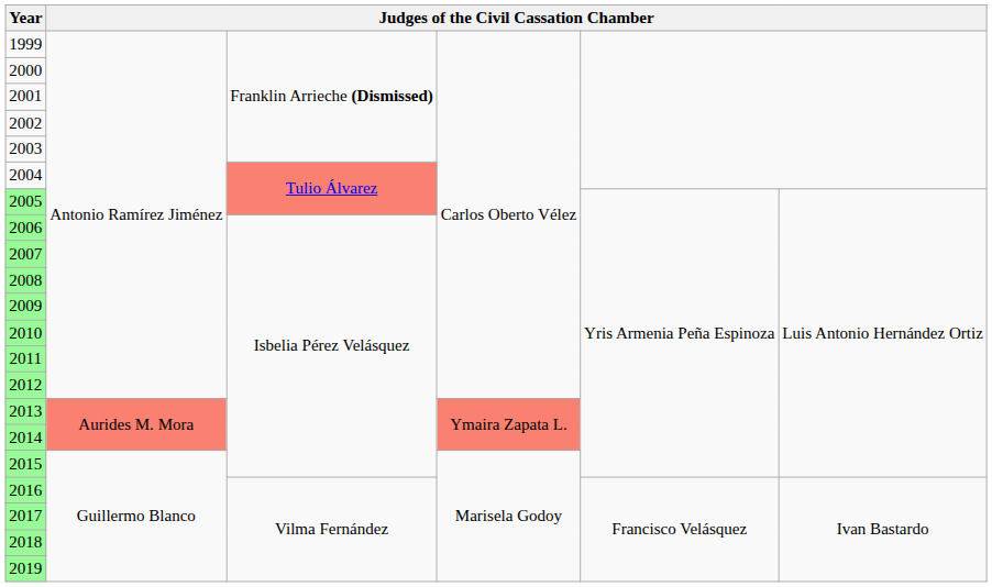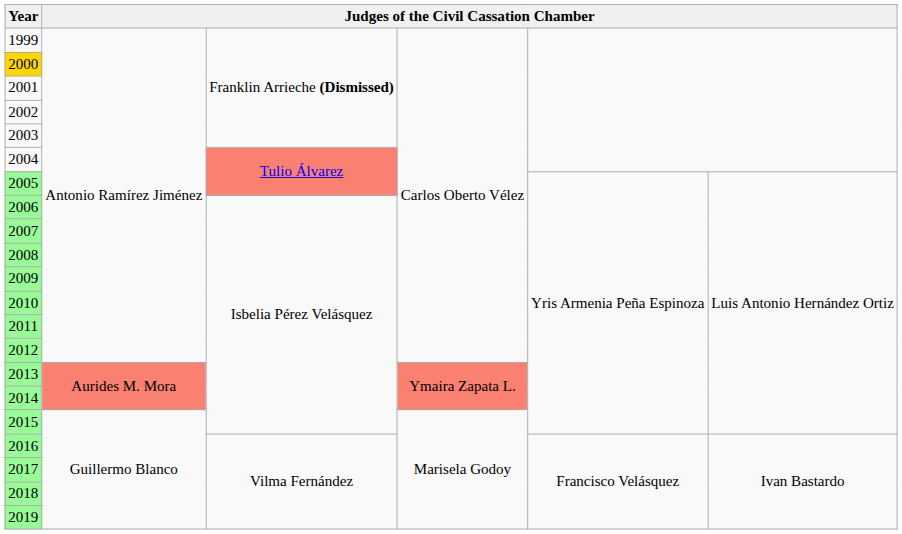 <table class="wikitable" style="margin:1em auto; text-align:center">
 <tr style="text-align:center; background:#f0f0f0;">
 <td><strong>Year</strong></td>
 <td colspan="5"><strong>Judges of the Civil Cassation Chamber</strong></td>
 </tr>
 <tr>
 <td>1999</td>
 <td rowspan="14">Antonio Ramírez Jiménez</td>
 <td rowspan="5">Franklin Arrieche <strong>(Dismissed)</strong></td>
 <td rowspan="14">Carlos Oberto Vélez</td>
 <td colspan="2" rowspan="6"></td>
 </tr>
 <tr>
-<td>2000</td>
+<td style="background: gold;">2000</td>
 </tr>
 <tr>
 <td>2001</td>
 </tr>
 <tr>
 <td>2002</td>
 </tr>
 <tr>
 <td>2003</td>
 </tr>
 <tr>
 <td>2004</td>
 <td style="background:salmon;" rowspan="2"><a href='#'>Tulio Álvarez</a></td>
 </tr>
 <tr>
 <td style="background:#98fb98; text-align:center;">2005</td>
 <td rowspan="11">Yris Armenia Peña Espinoza</td>
 <td rowspan="11">Luis Antonio Hernández Ortiz</td>
 </tr>
 <tr>
 <td style="background:#98fb98; text-align:center;">2006</td>
 <td rowspan="10">Isbelia Pérez Velásquez</td>
 </tr>
 <tr>
 <td style="background:#98fb98; text-align:center;">2007</td>
 </tr>
 <tr>
 <td style="background:#98fb98; text-align:center;">2008</td>
 </tr>
 <tr>
 <td style="background:#98fb98; text-align:center;">2009</td>
 </tr>
 <tr>
 <td style="background:#98fb98; text-align:center;">2010</td>
 </tr>
 <tr>
 <td style="background:#98fb98; text-align:center;">2011</td>
 </tr>
 <tr>
 <td style="background:#98fb98; text-align:center;">2012</td>
 </tr>
 <tr>
 <td style="background:#98fb98; text-align:center;">2013</td>
 <td style="background:salmon;" rowspan="2">Aurides M. Mora</td>
 <td style="background:salmon;" rowspan="2">Ymaira Zapata L.</td>
 </tr>
 <tr>
 <td style="background:#98fb98; text-align:center;">2014</td>
 </tr>
 <tr>
 <td style="background:#98fb98; text-align:center;">2015</td>
 <td rowspan="5">Guillermo Blanco</td>
 <td rowspan="5">Marisela Godoy</td>
 </tr>
 <tr>
 <td style="background:#98fb98; text-align:center;">2016</td>
 <td rowspan="4">Vilma Fernández</td>
 <td rowspan="4">Francisco Velásquez</td>
 <td rowspan="4">Ivan Bastardo</td>
 </tr>
 <tr>
 <td style="background:#98fb98; text-align:center;">2017</td>
 </tr>
 <tr>
 <td style="background:#98fb98; text-align:center;">2018</td>
 </tr>
 <tr>
 <td style="background:#98fb98; text-align:center;">2019</td>
 </tr>
 </table>
